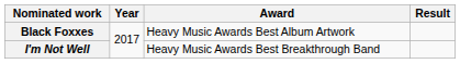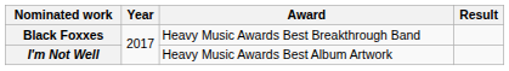 <table class="wikitable plainrowheaders" style="width:50%;">
 <tr>
 <th>Nominated work</th>
 <th>Year</th>
 <th>Award</th>
 <th>Result</th>
 </tr>
 <tr>
 <th scope="row">Black Foxxes</th>
 <td rowspan="2" style="text-align:center;">2017</td>
-<td>Heavy Music Awards Best Album Artwork</td>
+<td>Heavy Music Awards Best Breakthrough Band</td>
 <td></td>
 </tr>
 <tr>
 <th scope="row"><em>I'm Not Well</em></th>
-<td>Heavy Music Awards Best Breakthrough Band</td>
+<td>Heavy Music Awards Best Album Artwork</td>
 <td></td>
 </tr>
 </table>
